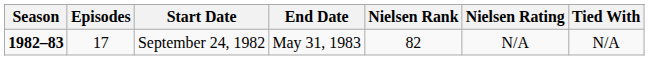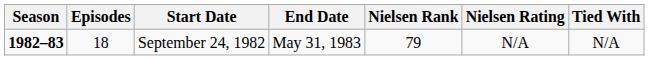 <table class="wikitable" style="text-align: center">
 <tr>
 <th>Season</th>
 <th>Episodes</th>
 <th>Start Date</th>
 <th>End Date</th>
 <th>Nielsen Rank</th>
 <th>Nielsen Rating</th>
 <th>Tied With</th>
 </tr>
 <tr>
 <td style="text-align:center"><strong>1982–83</strong></td>
-<td style="text-align:center">17</td>
+<td style="text-align:center">18</td>
 <td style="text-align:center">September 24, 1982</td>
 <td style="text-align:center">May 31, 1983</td>
-<td style="text-align:center:">82</td>
+<td style="text-align:center:">79</td>
 <td style="text-align:center">N/A</td>
 <td style="text-align:center">N/A</td>
 </tr>
 </table>
